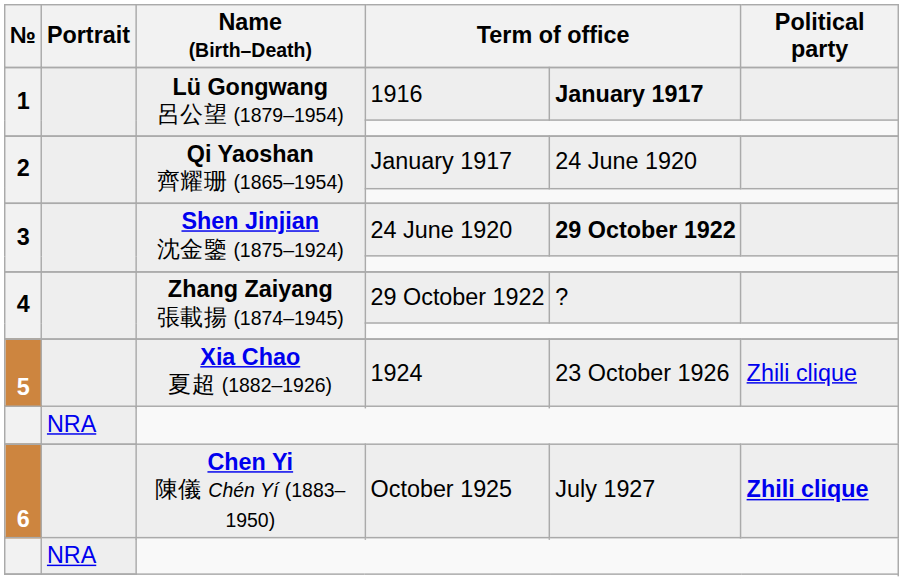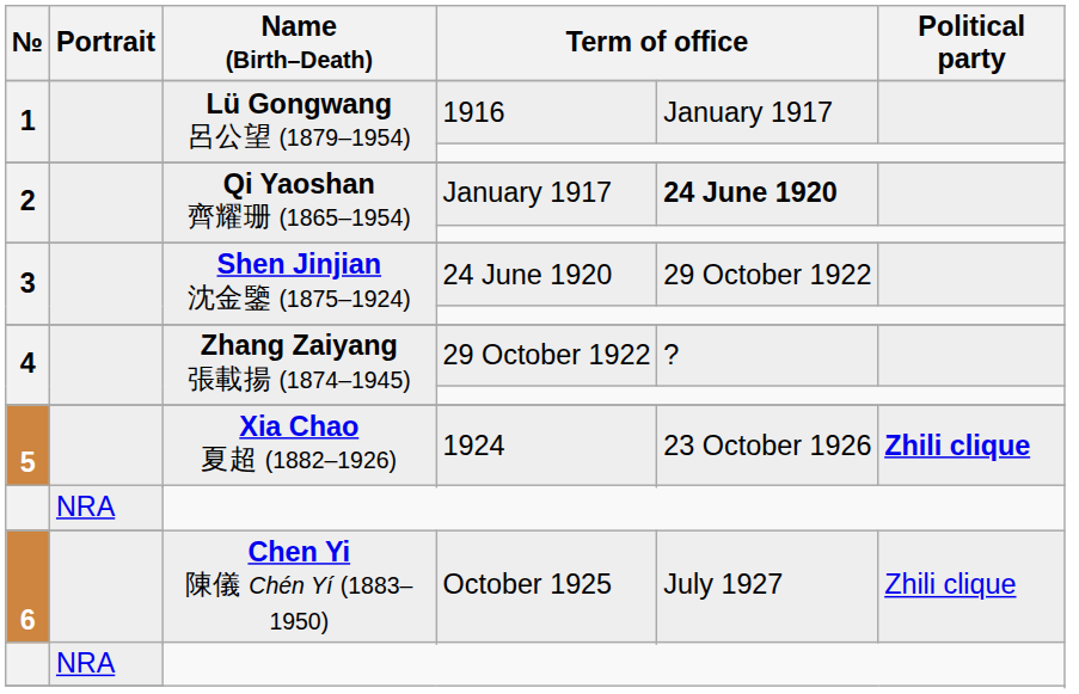 <table class="wikitable">
 <tr>
 <th>№</th>
 <th>Portrait</th>
 <th width="150px">Name<br><small>(Birth–Death)</small></th>
 <th colspan="2" width="200px">Term of office</th>
 <th width="100px">Political party</th>
 </tr>
 <tr>
 </tr>
 <tr bgcolor="#EEEEEE">
 <th rowspan="2" style="background:">1</th>
 <td rowspan="2" align="center"></td>
 <td rowspan="2" align="center"><strong>Lü Gongwang</strong><br><span>呂公望</span> <small>(1879–1954)</small></td>
 <td>1916</td>
-<td><strong>January 1917</strong></td>
+<td>January 1917</td>
 <td></td>
 </tr>
 <tr>
 <td colspan="4"></td>
 </tr>
 <tr>
 </tr>
 <tr bgcolor="#EEEEEE">
 <th rowspan="2" style="background:">2</th>
 <td rowspan="2" align="center"></td>
 <td rowspan="2" align="center"><strong>Qi Yaoshan</strong><br><span>齊耀珊</span> <small>(1865–1954)</small></td>
 <td>January 1917</td>
-<td>24 June 1920</td>
+<td><strong>24 June 1920</strong></td>
 <td></td>
 </tr>
 <tr>
 <td colspan="4"></td>
 </tr>
 <tr>
 </tr>
 <tr bgcolor="#EEEEEE">
 <th rowspan="2" style="background:">3</th>
 <td rowspan="2" align="center"></td>
 <td rowspan="2" align="center"><strong><a href='#'>Shen Jinjian</a></strong><br><span>沈金鑒</span> <small>(1875–1924)</small></td>
 <td>24 June 1920</td>
-<td><strong>29 October 1922</strong></td>
+<td>29 October 1922</td>
 <td></td>
 </tr>
 <tr>
 <td colspan="4"></td>
 </tr>
 <tr>
 </tr>
 <tr bgcolor="#EEEEEE">
 <th rowspan="2" style="background:">4</th>
 <td rowspan="2" align="center"></td>
 <td rowspan="2" align="center"><strong>Zhang Zaiyang</strong><br><span>張載揚</span> <small>(1874–1945)</small></td>
 <td>29 October 1922</td>
 <td>?</td>
 <td></td>
 </tr>
 <tr>
 <td colspan="4"></td>
 </tr>
 <tr>
 </tr>
 <tr bgcolor="#EEEEEE">
 <th valign="bottom" style="background:#CD853F; color:white; border-bottom:1px solid #CD853F;">5</th>
 <td rowspan="2" align="center"></td>
 <td rowspan="2" align="center"><strong><a href='#'>Xia Chao</a></strong><br><span>夏超</span> <small>(1882–1926)</small></td>
 <td rowspan="2">1924</td>
 <td rowspan="2">23 October 1926</td>
-<td><a href='#'>Zhili clique</a></td>
+<td><strong><a href='#'>Zhili clique</a></strong></td>
 </tr>
 <tr>
 </tr>
 <tr bgcolor="#EEEEEE">
 <th style="background:"></th>
 <td><a href='#'>NRA</a></td>
 </tr>
 <tr>
 </tr>
 <tr bgcolor="#EEEEEE">
 <th valign="bottom" style="background:#CD853F; color:white; border-bottom:1px solid #CD853F;">6</th>
 <td rowspan="2" align="center"></td>
 <td rowspan="2" align="center"><strong><a href='#'>Chen Yi</a></strong><br><span>陳儀</span> <small><em>Chén Yí</em></small> <small>(1883–1950)</small></td>
 <td rowspan="2">October 1925</td>
 <td rowspan="2">July 1927</td>
-<td><strong><a href='#'>Zhili clique</a></strong></td>
+<td><a href='#'>Zhili clique</a></td>
 </tr>
 <tr>
 </tr>
 <tr bgcolor="#EEEEEE">
 <th style="background:"></th>
 <td><a href='#'>NRA</a></td>
 </tr>
 <tr>
 </tr>
 </table>
